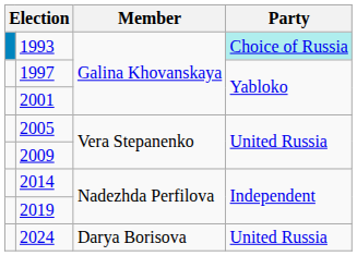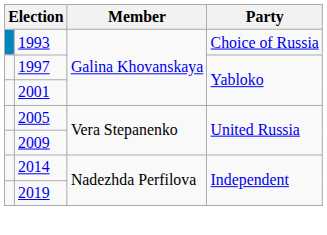 <table class="wikitable">
 <tr>
 <th colspan="2">Election</th>
 <th>Member</th>
 <th>Party</th>
 </tr>
 <tr>
 <td style="background-color:#0085BE"></td>
 <td><a href='#'>1993</a></td>
 <td rowspan=3><a href='#'>Galina Khovanskaya</a></td>
-<td style="background: paleturquoise;"><a href='#'>Choice of Russia</a></td>
+<td><a href='#'>Choice of Russia</a></td>
 </tr>
 <tr>
 <td style="background-color:"></td>
 <td><a href='#'>1997</a></td>
 <td rowspan=2><a href='#'>Yabloko</a></td>
 </tr>
 <tr>
 <td style="background-color:"></td>
 <td><a href='#'>2001</a></td>
 </tr>
 <tr>
 <td style="background-color:"></td>
 <td><a href='#'>2005</a></td>
 <td rowspan=2>Vera Stepanenko</td>
 <td rowspan=2><a href='#'>United Russia</a></td>
 </tr>
 <tr>
 <td style="background-color:"></td>
 <td><a href='#'>2009</a></td>
 </tr>
 <tr>
 <td style="background-color:"></td>
 <td><a href='#'>2014</a></td>
 <td rowspan=2>Nadezhda Perfilova</td>
 <td rowspan=2><a href='#'>Independent</a></td>
 </tr>
 <tr>
 <td style="background-color:"></td>
 <td><a href='#'>2019</a></td>
 </tr>
-<tr>
-<td style="background-color:"></td>
-<td><a href='#'>2024</a></td>
-<td>Darya Borisova</td>
-<td><a href='#'>United Russia</a></td>
-</tr>
 </table>
